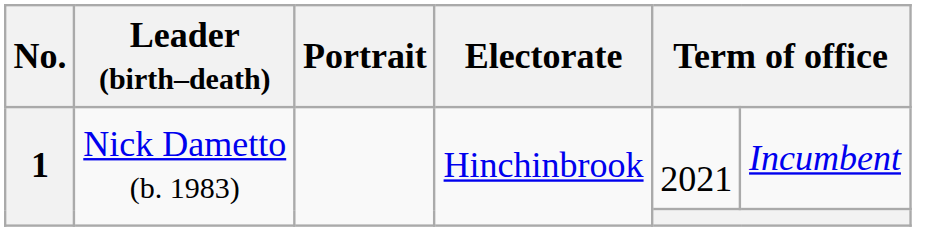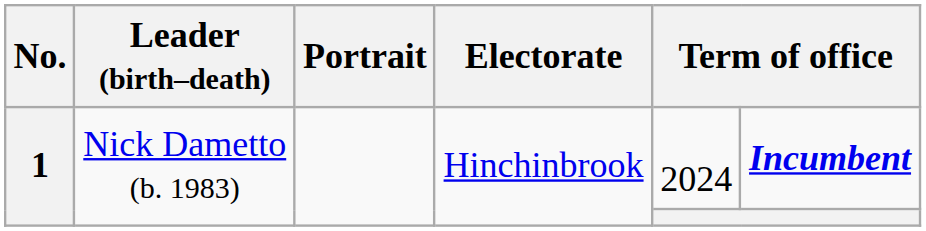 <table class="wikitable" style="text-align:center; font-size: 95%">
 <tr>
 <th>No.</th>
 <th>Leader<br><small>(birth–death)</small></th>
 <th>Portrait</th>
 <th>Electorate</th>
 <th colspan=2 scope="col">Term of office</th>
 </tr>
 <tr>
 <th rowspan=2>1</th>
 <td rowspan=2><a href='#'>Nick Dametto</a><br><small>(b. 1983)</small></td>
 <td rowspan=2></td>
 <td rowspan=2><a href='#'>Hinchinbrook</a></td>
-<td><br>2021</td>
-<td><em><a href='#'>Incumbent</a></em></td>
+<td><br>2024</td>
+<td><strong><em><a href='#'>Incumbent</a></em></strong></td>
 </tr>
 <tr>
 <th colspan=2 style="font-size:90%; font-weight:normal"></th>
 </tr>
 </table>
